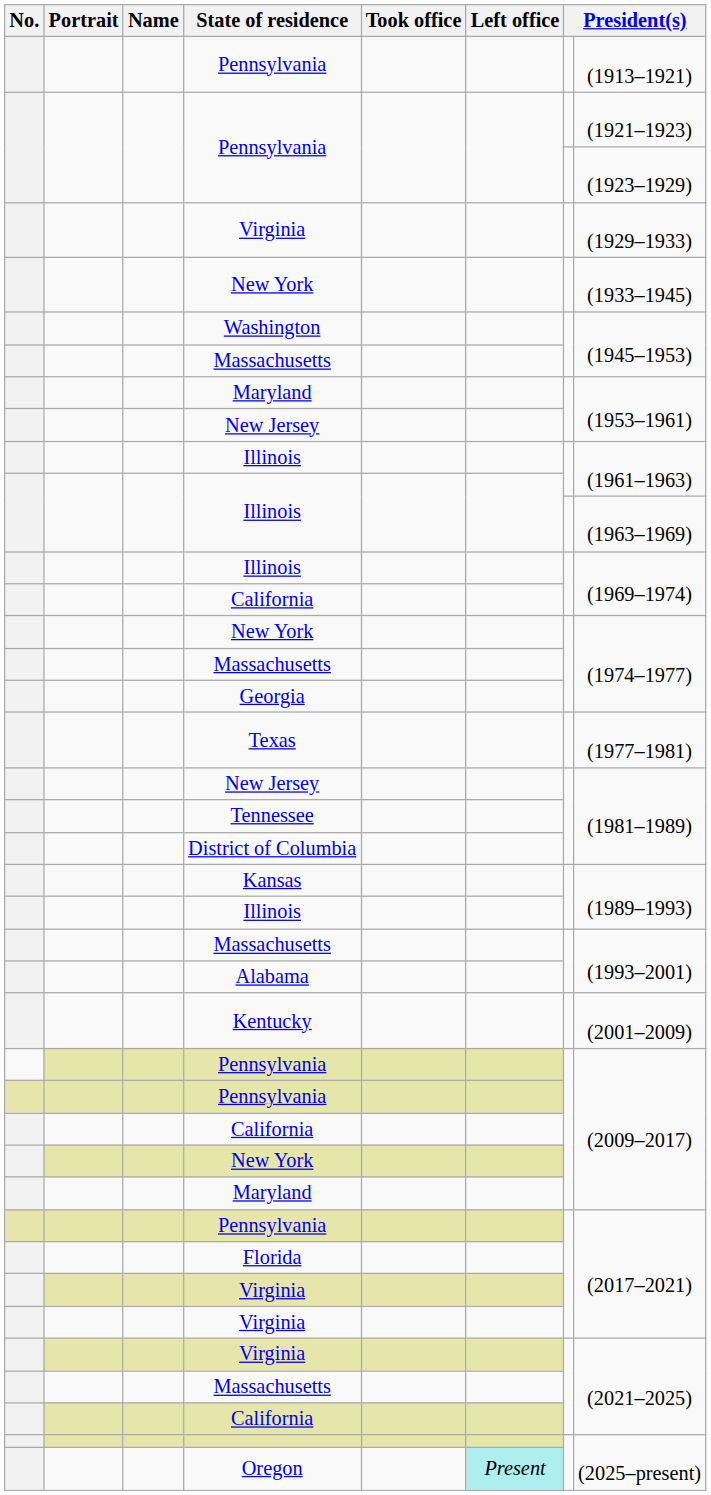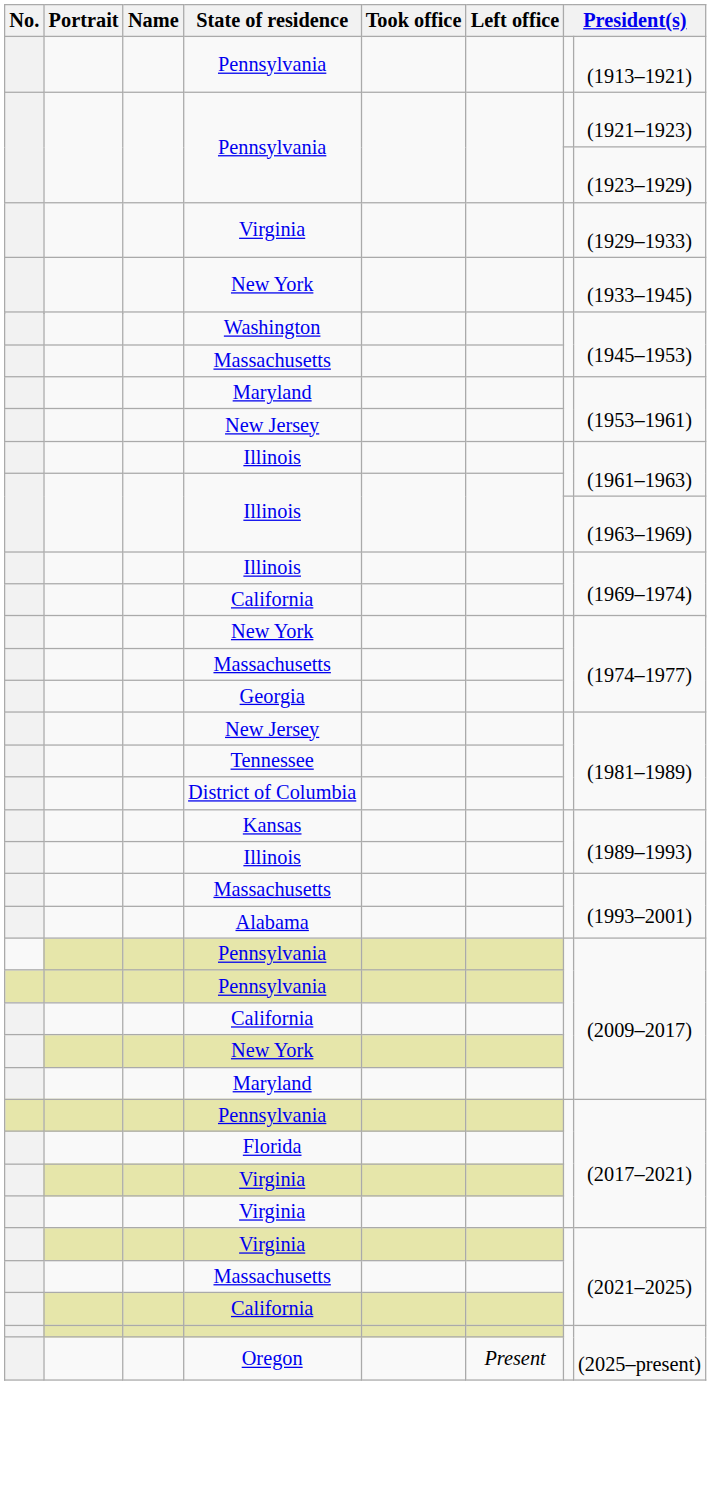 <table class="wikitable sortable" style="text-align:center">
 <tr>
 <th>No.</th>
 <th class=unsortable>Portrait</th>
 <th>Name</th>
 <th>State of residence</th>
 <th>Took office</th>
 <th>Left office</th>
 <th colspan=2><a href='#'>President(s)</a></th>
 </tr>
 <tr>
 <th style="background: "></th>
 <td></td>
 <td></td>
 <td><a href='#'>Pennsylvania</a></td>
 <td></td>
 <td></td>
 <td style="background: "></td>
 <td><br>(1913–1921)</td>
 </tr>
 <tr>
 <th rowspan=3 style="background: "></th>
 <td rowspan=3></td>
 <td rowspan=3></td>
 <td rowspan=3><a href='#'>Pennsylvania</a></td>
 <td rowspan=3></td>
 <td rowspan=3></td>
 <td style="background: "></td>
 <td><br>(1921–1923)</td>
 </tr>
 <tr>
 <td style="background: "></td>
 <td><br>(1923–1929)</td>
 </tr>
 <tr>
 <td rowspan=2 style="background: "></td>
 <td rowspan=2><br>(1929–1933)</td>
 </tr>
 <tr>
 <th style="background: "></th>
 <td></td>
 <td></td>
 <td><a href='#'>Virginia</a></td>
 <td></td>
 <td></td>
 </tr>
 <tr>
 <th rowspan=2 style="background: "></th>
 <td rowspan=2></td>
 <td rowspan=2></td>
 <td rowspan=2><a href='#'>New York</a></td>
 <td rowspan=2></td>
 <td rowspan=2></td>
 <td style="background: "></td>
 <td><br>(1933–1945)</td>
 </tr>
 <tr>
 <td rowspan=3 style="background: "></td>
 <td rowspan=3><br>(1945–1953)</td>
 </tr>
 <tr>
 <th style="background: "></th>
 <td></td>
 <td></td>
 <td><a href='#'>Washington</a></td>
 <td></td>
 <td></td>
 </tr>
 <tr>
 <th style="background: "></th>
 <td></td>
 <td></td>
 <td><a href='#'>Massachusetts</a></td>
 <td></td>
 <td></td>
 </tr>
 <tr>
 <th style="background: "></th>
 <td></td>
 <td></td>
 <td><a href='#'>Maryland</a></td>
 <td></td>
 <td></td>
 <td rowspan=2 style="background: "></td>
 <td rowspan=2><br>(1953–1961)</td>
 </tr>
 <tr>
 <th style="background: "></th>
 <td></td>
 <td></td>
 <td><a href='#'>New Jersey</a></td>
 <td></td>
 <td></td>
 </tr>
 <tr>
 <th style="background: "></th>
 <td></td>
 <td></td>
 <td><a href='#'>Illinois</a></td>
 <td></td>
 <td></td>
 <td rowspan=2 style="background: "></td>
 <td rowspan=2><br>(1961–1963)</td>
 </tr>
 <tr>
 <th rowspan=2 style="background: "></th>
 <td rowspan=2></td>
 <td rowspan=2></td>
 <td rowspan=2><a href='#'>Illinois</a></td>
 <td rowspan=2></td>
 <td rowspan=2></td>
 </tr>
 <tr>
 <td style="background: "></td>
 <td><br>(1963–1969)</td>
 </tr>
 <tr>
 <th style="background: "></th>
 <td></td>
 <td></td>
 <td><a href='#'>Illinois</a></td>
 <td></td>
 <td></td>
 <td rowspan=3 style="background: "></td>
 <td rowspan=3><br>(1969–1974)</td>
 </tr>
 <tr>
 <th style="background: "></th>
 <td></td>
 <td></td>
 <td><a href='#'>California</a></td>
 <td></td>
 <td></td>
 </tr>
 <tr>
 <th rowspan=2 style="background: "></th>
 <td rowspan=2></td>
 <td rowspan=2></td>
 <td rowspan=2><a href='#'>New York</a></td>
 <td rowspan=2></td>
 <td rowspan=2></td>
 </tr>
 <tr>
 <td rowspan=3 style="background: "></td>
 <td rowspan=3><br>(1974–1977)</td>
 </tr>
 <tr>
 <th style="background: "></th>
 <td></td>
 <td></td>
 <td><a href='#'>Massachusetts</a></td>
 <td></td>
 <td></td>
 </tr>
 <tr>
 <th style="background: "></th>
 <td></td>
 <td></td>
 <td><a href='#'>Georgia</a></td>
 <td></td>
 <td></td>
 </tr>
 <tr>
 <th style="background: "></th>
 <td></td>
 <td></td>
-<td><a href='#'>Texas</a></td>
-<td></td>
-<td></td>
-<td style="background: "></td>
-<td><br>(1977–1981)</td>
-</tr>
-<tr>
-<th style="background: "></th>
-<td></td>
-<td></td>
 <td><a href='#'>New Jersey</a></td>
 <td></td>
 <td></td>
 <td rowspan=3 style="background: "></td>
 <td rowspan=3><br>(1981–1989)</td>
 </tr>
 <tr>
 <th style="background: "></th>
 <td></td>
 <td></td>
 <td><a href='#'>Tennessee</a></td>
 <td></td>
 <td></td>
 </tr>
 <tr>
 <th style="background: "></th>
 <td></td>
 <td></td>
 <td><a href='#'>District of Columbia</a></td>
 <td></td>
 <td></td>
 </tr>
 <tr>
 <th style="background: "></th>
 <td></td>
 <td></td>
 <td><a href='#'>Kansas</a></td>
 <td></td>
 <td></td>
 <td rowspan=2 style="background: "></td>
 <td rowspan=2><br>(1989–1993)</td>
 </tr>
 <tr>
 <th style="background: "></th>
 <td></td>
 <td></td>
 <td><a href='#'>Illinois</a></td>
 <td></td>
 <td></td>
 </tr>
 <tr>
 <th style="background: "></th>
 <td></td>
 <td></td>
 <td><a href='#'>Massachusetts</a></td>
 <td></td>
 <td></td>
 <td rowspan=2 style="background: "></td>
 <td rowspan=2><br>(1993–2001)</td>
 </tr>
 <tr>
 <th style="background: "></th>
 <td></td>
 <td></td>
 <td><a href='#'>Alabama</a></td>
 <td></td>
 <td></td>
-</tr>
-<tr>
-<th style="background: "></th>
-<td></td>
-<td></td>
-<td><a href='#'>Kentucky</a></td>
-<td></td>
-<td></td>
-<td style="background: "></td>
-<td><br>(2001–2009)</td>
 </tr>
 <tr>
 <td style="background: "></td>
 <td style="background:#e6e6aa;"></td>
 <td style="background:#e6e6aa;"></td>
 <td style="background:#e6e6aa;"><a href='#'>Pennsylvania</a></td>
 <td style="background:#e6e6aa;"></td>
 <td style="background:#e6e6aa;"></td>
 <td rowspan=5 style="background: "></td>
 <td rowspan=5><br>(2009–2017)</td>
 </tr>
 <tr>
 <th style="background:#E6E6AA;"></th>
 <td style="background:#e6e6aa;"></td>
 <td style="background:#e6e6aa;"></td>
 <td style="background:#e6e6aa;"><a href='#'>Pennsylvania</a></td>
 <td style="background:#e6e6aa;"></td>
 <td style="background:#e6e6aa;"></td>
 </tr>
 <tr>
 <th style="background: "></th>
 <td></td>
 <td></td>
 <td><a href='#'>California</a></td>
 <td></td>
 <td></td>
 </tr>
 <tr>
 <th style="background: "></th>
 <td style="background:#e6e6aa;"></td>
 <td style="background:#e6e6aa;"></td>
 <td style="background:#e6e6aa;"><a href='#'>New York</a></td>
 <td style="background:#e6e6aa;"></td>
 <td style="background:#e6e6aa;"></td>
 </tr>
 <tr>
 <th style="background: "></th>
 <td></td>
 <td></td>
 <td><a href='#'>Maryland</a></td>
 <td></td>
 <td></td>
 </tr>
 <tr>
 <th style="background:#E6E6AA;"></th>
 <td style="background:#e6e6aa;"></td>
 <td style="background:#e6e6aa;"></td>
 <td style="background:#e6e6aa;"><a href='#'>Pennsylvania</a></td>
 <td style="background:#e6e6aa;"></td>
 <td style="background:#e6e6aa;"></td>
 <td rowspan=4 style="background: "></td>
 <td rowspan=4><br>(2017–2021)</td>
 </tr>
 <tr>
 <th style="background: "></th>
 <td></td>
 <td></td>
 <td><a href='#'>Florida</a></td>
 <td></td>
 <td></td>
 </tr>
 <tr>
 <th style="background: "></th>
 <td style="background:#e6e6aa;"></td>
 <td style="background:#e6e6aa;"></td>
 <td style="background:#e6e6aa;"><a href='#'>Virginia</a></td>
 <td style="background:#e6e6aa;"></td>
 <td style="background:#e6e6aa;"></td>
 </tr>
 <tr>
 <th style="background: "></th>
 <td></td>
 <td></td>
 <td><a href='#'>Virginia</a></td>
 <td></td>
 <td></td>
 </tr>
 <tr>
 <th style="background: "></th>
 <td style="background:#e6e6aa;"></td>
 <td style="background:#e6e6aa;"></td>
 <td style="background:#e6e6aa;"><a href='#'>Virginia</a></td>
 <td style="background:#e6e6aa;"></td>
 <td style="background:#e6e6aa;"></td>
 <td rowspan=3 style="background: "></td>
 <td rowspan=3><br>(2021–2025)</td>
 </tr>
 <tr>
 <th style="background: "></th>
 <td></td>
 <td></td>
 <td><a href='#'>Massachusetts</a></td>
 <td></td>
 <td></td>
 </tr>
 <tr>
 <th style="background: "></th>
 <td style="background:#e6e6aa;"></td>
 <td style="background:#e6e6aa;"></td>
 <td style="background:#e6e6aa;"><a href='#'>California</a></td>
 <td style="background:#e6e6aa;"></td>
 <td style="background:#e6e6aa;"></td>
 </tr>
 <tr>
 <th style="background: "></th>
 <td style="background:#e6e6aa;"></td>
 <td style="background:#e6e6aa;"></td>
 <td style="background:#e6e6aa;"></td>
 <td style="background:#e6e6aa;"></td>
 <td style="background:#e6e6aa;"></td>
 <td rowspan=2 style="background: "></td>
 <td rowspan=2><br>(2025–present)</td>
 </tr>
 <tr>
 <th style="background: "></th>
 <td></td>
 <td></td>
 <td><a href='#'>Oregon</a></td>
 <td></td>
-<td style="background: paleturquoise;"><em>Present</em></td>
+<td><em>Present</em></td>
 </tr>
 </table>
